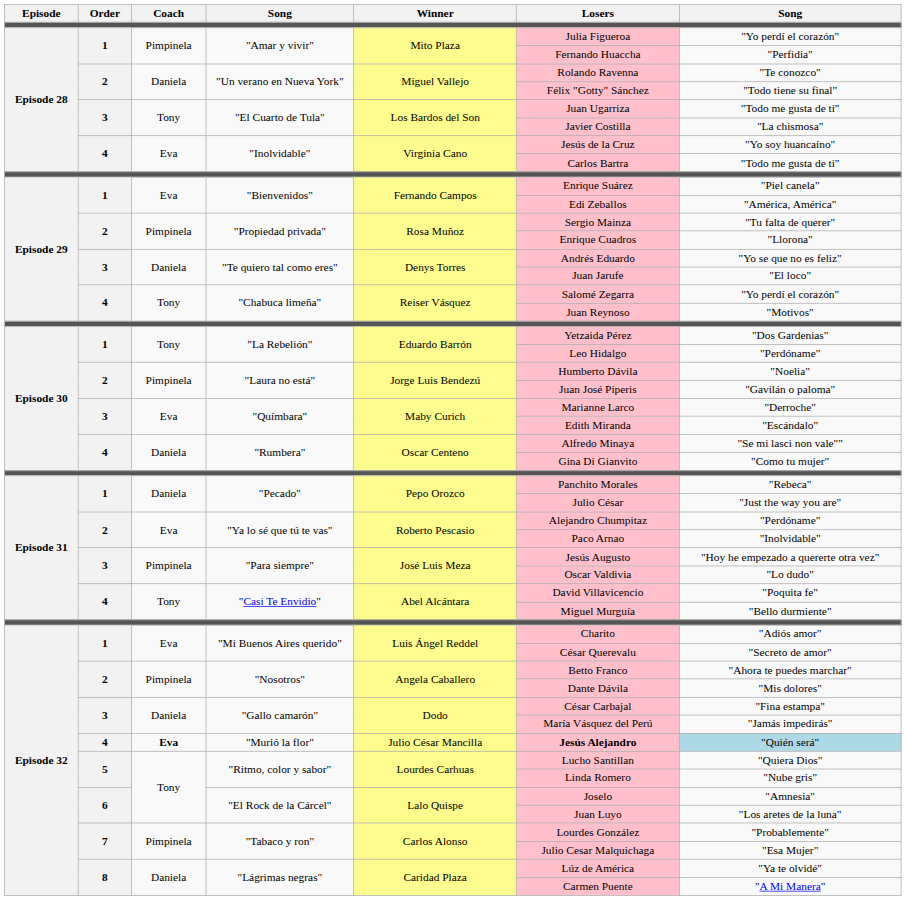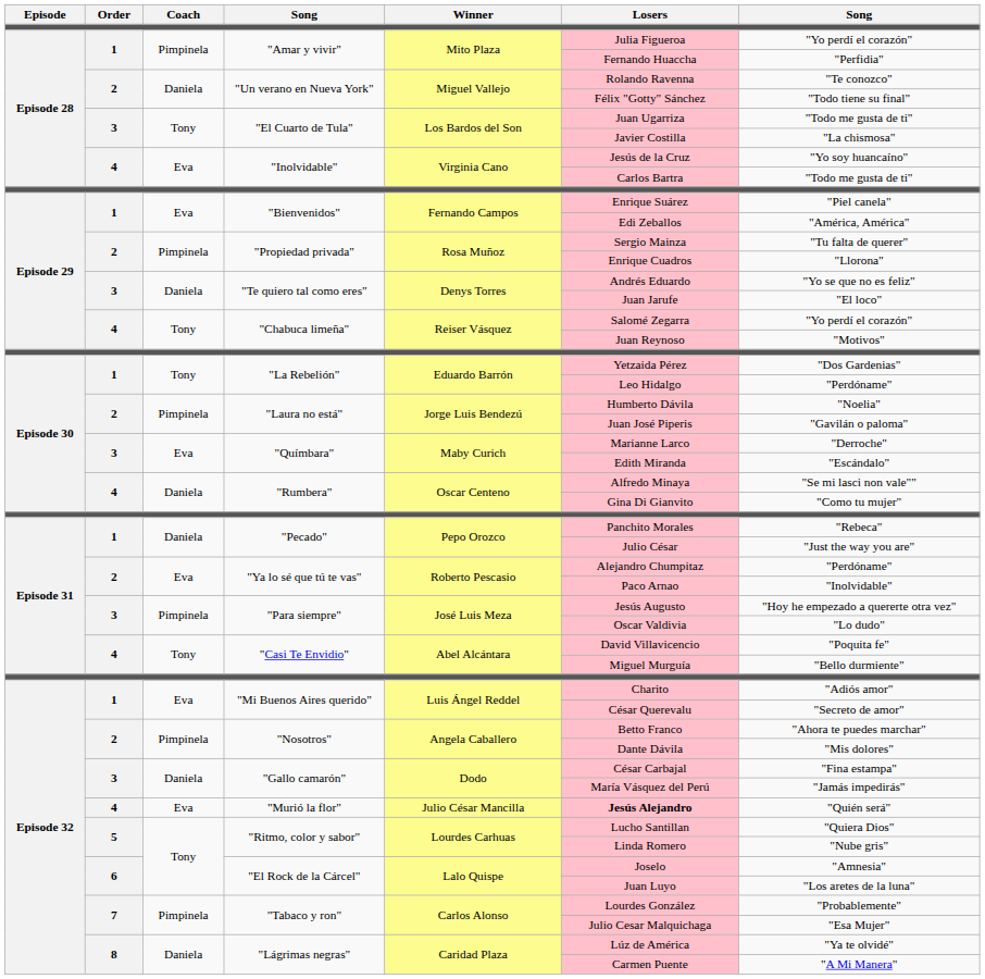 <table class="wikitable" style="text-align: center; width:100%">
 <tr>
 <th style="width:05%">Episode</th>
 <th style="width:03%">Order</th>
 <th style="width:04%">Coach</th>
 <th style="width:10%">Song</th>
 <th style="width:11%">Winner</th>
 <th style="width:11%">Losers</th>
 <th style="width:15%">Song</th>
 </tr>
 <tr>
 <td colspan="7" style="background:#555"></td>
 </tr>
 <tr>
 <th rowspan="8">Episode 28<br></th>
 <th rowspan="2">1</th>
 <td rowspan="2">Pimpinela</td>
 <td rowspan="2">"Amar y vivir"</td>
 <td rowspan="2" style="background:#fdfc8f">Mito Plaza</td>
 <td style="background:pink">Julia Figueroa</td>
 <td>"Yo perdí el corazón"</td>
 </tr>
 <tr>
 <td style="background:pink">Fernando Huaccha</td>
 <td>"Perfidia"</td>
 </tr>
 <tr>
 <th rowspan="2">2</th>
 <td rowspan="2">Daniela</td>
 <td rowspan="2">"Un verano en Nueva York"</td>
 <td rowspan="2" style="background:#fdfc8f">Miguel Vallejo</td>
 <td style="background:pink">Rolando Ravenna</td>
 <td>"Te conozco"</td>
 </tr>
 <tr>
 <td style="background:pink">Félix "Gotty" Sánchez</td>
 <td>"Todo tiene su final"</td>
 </tr>
 <tr>
 <th rowspan="2">3</th>
 <td rowspan="2">Tony</td>
 <td rowspan="2">"El Cuarto de Tula"</td>
 <td rowspan="2" style="background:#fdfc8f">Los Bardos del Son</td>
 <td style="background:pink">Juan Ugarriza</td>
 <td>"Todo me gusta de ti"</td>
 </tr>
 <tr>
 <td style="background:pink">Javier Costilla</td>
 <td>"La chismosa"</td>
 </tr>
 <tr>
 <th rowspan="2">4</th>
 <td rowspan="2">Eva</td>
 <td rowspan="2">"Inolvidable"</td>
 <td rowspan="2" style="background:#fdfc8f">Virginia Cano</td>
 <td style="background:pink">Jesús de la Cruz</td>
 <td>"Yo soy huancaíno"</td>
 </tr>
 <tr>
 <td style="background:pink">Carlos Bartra</td>
 <td>"Todo me gusta de ti"</td>
 </tr>
 <tr>
 <td colspan="7" style="background:#555"></td>
 </tr>
 <tr>
 <th rowspan="8">Episode 29<br></th>
 <th rowspan="2">1</th>
 <td rowspan="2">Eva</td>
 <td rowspan="2">"Bienvenidos"</td>
 <td rowspan="2" style="background:#fdfc8f">Fernando Campos</td>
 <td style="background:pink">Enrique Suárez</td>
 <td>"Piel canela"</td>
 </tr>
 <tr>
 <td style="background:pink">Edi Zeballos</td>
 <td>"América, América"</td>
 </tr>
 <tr>
 <th rowspan="2">2</th>
 <td rowspan="2">Pimpinela</td>
 <td rowspan="2">"Propiedad privada"</td>
 <td rowspan="2" style="background:#fdfc8f">Rosa Muñoz</td>
 <td style="background:pink">Sergio Mainza</td>
 <td>"Tu falta de querer"</td>
 </tr>
 <tr>
 <td style="background:pink">Enrique Cuadros</td>
 <td>"Llorona"</td>
 </tr>
 <tr>
 <th rowspan="2">3</th>
 <td rowspan="2">Daniela</td>
 <td rowspan="2">"Te quiero tal como eres"</td>
 <td rowspan="2" style="background:#fdfc8f">Denys Torres</td>
 <td style="background:pink">Andrés Eduardo</td>
 <td>"Yo se que no es feliz"</td>
 </tr>
 <tr>
 <td style="background:pink">Juan Jarufe</td>
 <td>"El loco"</td>
 </tr>
 <tr>
 <th rowspan="2">4</th>
 <td rowspan="2">Tony</td>
 <td rowspan="2">"Chabuca limeña"</td>
 <td rowspan="2" style="background:#fdfc8f">Reiser Vásquez</td>
 <td style="background:pink">Salomé Zegarra</td>
 <td>"Yo perdí el corazón"</td>
 </tr>
 <tr>
 <td style="background:pink">Juan Reynoso</td>
 <td>"Motivos"</td>
 </tr>
 <tr>
 <td colspan="7" style="background:#555"></td>
 </tr>
 <tr>
 <th rowspan="8">Episode 30<br></th>
 <th rowspan="2">1</th>
 <td rowspan="2">Tony</td>
 <td rowspan="2">"La Rebelión"</td>
 <td rowspan="2" style="background:#fdfc8f">Eduardo Barrón</td>
 <td style="background:pink">Yetzaida Pérez</td>
 <td>"Dos Gardenias"</td>
 </tr>
 <tr>
 <td style="background:pink">Leo Hidalgo</td>
 <td>"Perdóname"</td>
 </tr>
 <tr>
 <th rowspan="2">2</th>
 <td rowspan="2">Pimpinela</td>
 <td rowspan="2">"Laura no está"</td>
 <td rowspan="2" style="background:#fdfc8f">Jorge Luis Bendezú</td>
 <td style="background:pink">Humberto Dávila</td>
 <td>"Noelia"</td>
 </tr>
 <tr>
 <td style="background:pink">Juan José Piperis</td>
 <td>"Gavilán o paloma"</td>
 </tr>
 <tr>
 <th rowspan="2">3</th>
 <td rowspan="2">Eva</td>
 <td rowspan="2">"Químbara"</td>
 <td rowspan="2" style="background:#fdfc8f">Maby Curich</td>
 <td style="background:pink">Marianne Larco</td>
 <td>"Derroche"</td>
 </tr>
 <tr>
 <td style="background:pink">Edith Miranda</td>
 <td>"Escándalo"</td>
 </tr>
 <tr>
 <th rowspan="2">4</th>
 <td rowspan="2">Daniela</td>
 <td rowspan="2">"Rumbera"</td>
 <td rowspan="2" style="background:#fdfc8f">Oscar Centeno</td>
 <td style="background:pink">Alfredo Minaya</td>
 <td>"Se mi lasci non vale""</td>
 </tr>
 <tr>
 <td style="background:pink">Gina Di Gianvito</td>
 <td>"Como tu mujer"</td>
 </tr>
 <tr>
 <td colspan="7" style="background:#555"></td>
 </tr>
 <tr>
 <th rowspan="8">Episode 31<br></th>
 <th rowspan="2">1</th>
 <td rowspan="2">Daniela</td>
 <td rowspan="2">"Pecado"</td>
 <td rowspan="2" style="background:#fdfc8f">Pepo Orozco</td>
 <td style="background:pink">Panchito Morales</td>
 <td>"Rebeca"</td>
 </tr>
 <tr>
 <td style="background:pink">Julio César</td>
 <td>"Just the way you are"</td>
 </tr>
 <tr>
 <th rowspan="2">2</th>
 <td rowspan="2">Eva</td>
 <td rowspan="2">"Ya lo sé que tú te vas"</td>
 <td rowspan="2" style="background:#fdfc8f">Roberto Pescasio</td>
 <td style="background:pink">Alejandro Chumpitaz</td>
 <td>"Perdóname"</td>
 </tr>
 <tr>
 <td style="background:pink">Paco Arnao</td>
 <td>"Inolvidable"</td>
 </tr>
 <tr>
 <th rowspan="2">3</th>
 <td rowspan="2">Pimpinela</td>
 <td rowspan="2">"Para siempre"</td>
 <td rowspan="2" style="background:#fdfc8f">José Luis Meza</td>
 <td style="background:pink">Jesús Augusto</td>
 <td>"Hoy he empezado a quererte otra vez"</td>
 </tr>
 <tr>
 <td style="background:pink">Oscar Valdivia</td>
 <td>"Lo dudo"</td>
 </tr>
 <tr>
 <th rowspan="2">4</th>
 <td rowspan="2">Tony</td>
 <td rowspan="2">"<a href='#'>Casi Te Envidio</a>"</td>
 <td rowspan="2" style="background:#fdfc8f">Abel Alcántara</td>
 <td style="background:pink">David Villavicencio</td>
 <td>"Poquita fe"</td>
 </tr>
 <tr>
 <td style="background:pink">Miguel Murguía</td>
 <td>"Bello durmiente"</td>
 </tr>
 <tr>
 <td colspan="7" style="background:#555"></td>
 </tr>
 <tr>
 <th rowspan="15">Episode 32<br></th>
 <th rowspan="2">1</th>
 <td rowspan="2">Eva</td>
 <td rowspan="2">"Mi Buenos Aires querido"</td>
 <td rowspan="2" style="background:#fdfc8f">Luis Ángel Reddel</td>
 <td style="background:pink">Charito</td>
 <td>"Adiós amor"</td>
 </tr>
 <tr>
 <td style="background:pink">César Querevalu</td>
 <td>"Secreto de amor"</td>
 </tr>
 <tr>
 <th rowspan="2">2</th>
 <td rowspan="2">Pimpinela</td>
 <td rowspan="2">"Nosotros"</td>
 <td rowspan="2" style="background:#fdfc8f">Angela Caballero</td>
 <td style="background:pink">Betto Franco</td>
 <td>"Ahora te puedes marchar"</td>
 </tr>
 <tr>
 <td style="background:pink">Dante Dávila</td>
 <td>"Mis dolores"</td>
 </tr>
 <tr>
 <th rowspan="2">3</th>
 <td rowspan="2">Daniela</td>
 <td rowspan="2">"Gallo camarón"</td>
 <td rowspan="2" style="background:#fdfc8f">Dodo</td>
 <td style="background:pink">César Carbajal</td>
 <td>"Fina estampa"</td>
 </tr>
 <tr>
 <td style="background:pink">María Vásquez del Perú</td>
 <td>"Jamás impedirás"</td>
 </tr>
 <tr>
 <th>4</th>
-<td><strong>Eva</strong></td>
+<td>Eva</td>
 <td>"Murió la flor"</td>
 <td style="background:#fdfc8f">Julio César Mancilla</td>
 <td style="background:pink"><strong>Jesús Alejandro</strong></td>
-<td style="background: lightblue;">"Quién será"</td>
+<td>"Quién será"</td>
 </tr>
 <tr>
 <th rowspan="2">5</th>
 <td rowspan="4">Tony</td>
 <td rowspan="2">"Ritmo, color y sabor"</td>
 <td rowspan="2" style="background:#fdfc8f">Lourdes Carhuas</td>
 <td style="background:pink">Lucho Santillan</td>
 <td>"Quiera Dios"</td>
 </tr>
 <tr>
 <td style="background:pink">Linda Romero</td>
 <td>"Nube gris"</td>
 </tr>
 <tr>
 <th rowspan="2">6</th>
 <td rowspan="2">"El Rock de la Cárcel"</td>
 <td rowspan="2" style="background:#fdfc8f">Lalo Quispe</td>
 <td style="background:pink">Joselo</td>
 <td>"Amnesia"</td>
 </tr>
 <tr>
 <td style="background:pink">Juan Luyo</td>
 <td>"Los aretes de la luna"</td>
 </tr>
 <tr>
 <th rowspan="2">7</th>
 <td rowspan="2">Pimpinela</td>
 <td rowspan="2">"Tabaco y ron"</td>
 <td rowspan="2" style="background:#fdfc8f">Carlos Alonso</td>
 <td style="background:pink">Lourdes González</td>
 <td>"Probablemente"</td>
 </tr>
 <tr>
 <td style="background:pink">Julio Cesar Malquichaga</td>
 <td>"Esa Mujer"</td>
 </tr>
 <tr>
 <th rowspan="2">8</th>
 <td rowspan="2">Daniela</td>
 <td rowspan="2">"Lágrimas negras"</td>
 <td rowspan="2" style="background:#fdfc8f">Caridad Plaza</td>
 <td style="background:pink">Lúz de América</td>
 <td>"Ya te olvidé"</td>
 </tr>
 <tr>
 <td style="background:pink">Carmen Puente</td>
 <td>"<a href='#'>A Mi Manera</a>"</td>
 </tr>
 </table>
